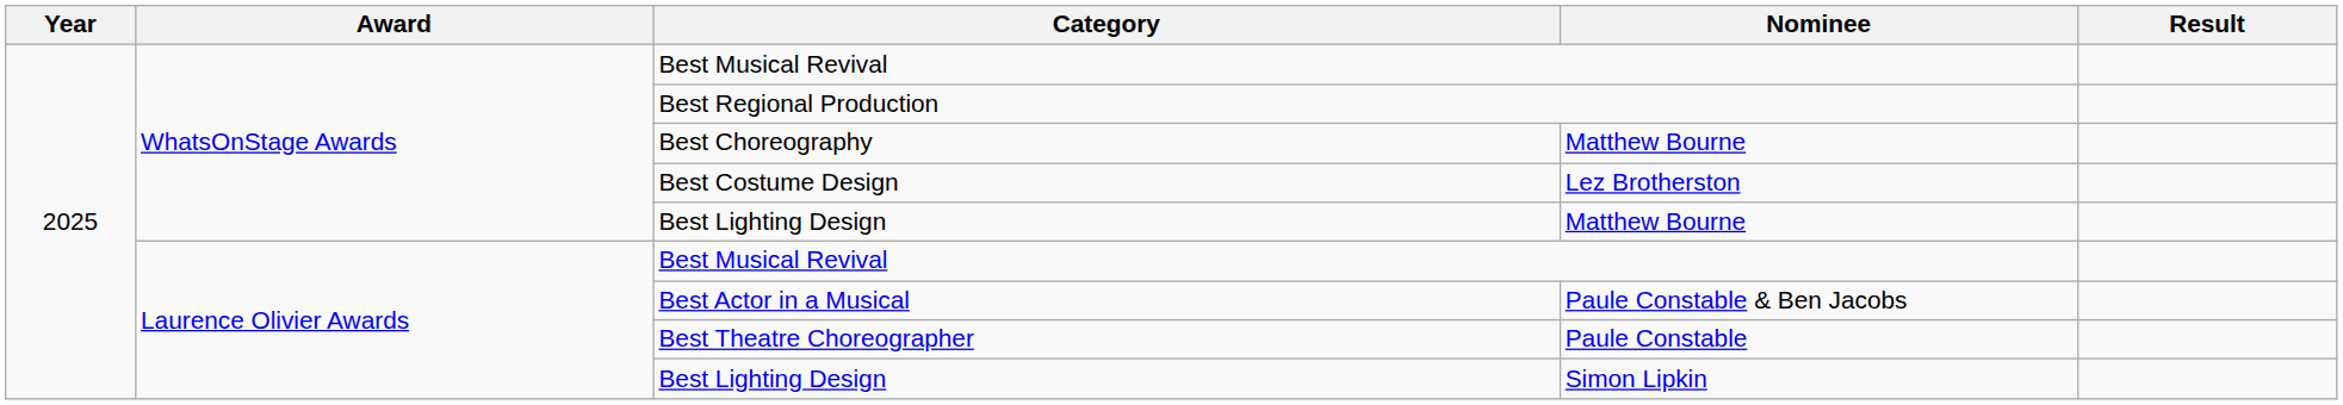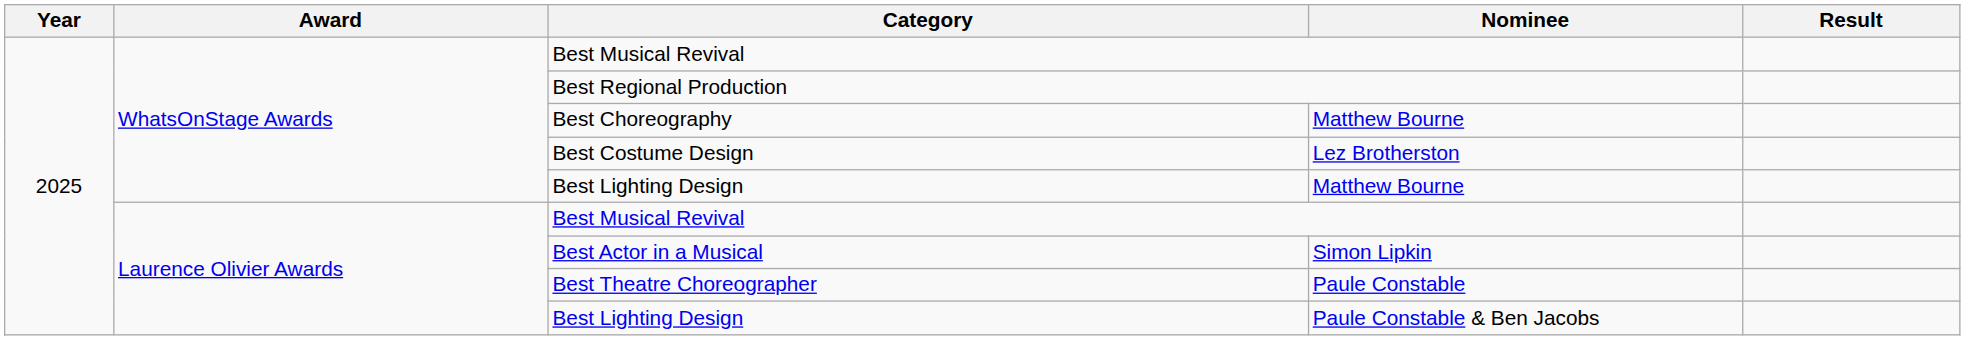 <table class="wikitable" style="width:95%;">
 <tr>
 <th style="width:5%;">Year</th>
 <th style="width:20%;">Award</th>
 <th style="width:35%;">Category</th>
 <th style="width:20%;">Nominee</th>
 <th style="width:10%;">Result</th>
 </tr>
 <tr>
 <td rowspan="9" style="text-align:center;">2025</td>
 <td rowspan="5"><a href='#'>WhatsOnStage Awards</a></td>
 <td colspan="2">Best Musical Revival</td>
 <td></td>
 </tr>
 <tr>
 <td colspan="2">Best Regional Production</td>
 <td></td>
 </tr>
 <tr>
 <td>Best Choreography</td>
 <td><a href='#'>Matthew Bourne</a></td>
 <td></td>
 </tr>
 <tr>
 <td>Best Costume Design</td>
 <td><a href='#'>Lez Brotherston</a></td>
 <td></td>
 </tr>
 <tr>
 <td>Best Lighting Design</td>
 <td><a href='#'>Matthew Bourne</a></td>
 <td></td>
 </tr>
 <tr>
 <td rowspan="4"><a href='#'>Laurence Olivier Awards</a></td>
 <td colspan="2"><a href='#'>Best Musical Revival</a></td>
 <td></td>
 </tr>
 <tr>
 <td><a href='#'>Best Actor in a Musical</a></td>
-<td><a href='#'>Paule Constable</a> & Ben Jacobs</td>
+<td><a href='#'>Simon Lipkin</a></td>
 <td></td>
 </tr>
 <tr>
 <td><a href='#'>Best Theatre Choreographer</a></td>
 <td><a href='#'>Paule Constable</a></td>
 <td></td>
 </tr>
 <tr>
 <td><a href='#'>Best Lighting Design</a></td>
-<td><a href='#'>Simon Lipkin</a></td>
+<td><a href='#'>Paule Constable</a> & Ben Jacobs</td>
 <td></td>
 </tr>
 </table>
